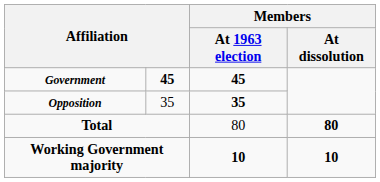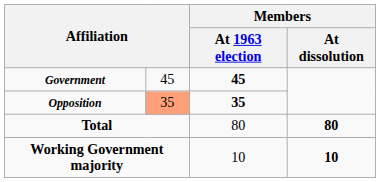 <table class="wikitable" border="1" style="font-size:95%; width:300pt; text-align:center">
 <tr>
 <th colspan="2" rowspan="2" style="text-align:center;vertical-align:middle; ">Affiliation</th>
 <th colspan="2" style="vertical-align:top;">Members</th>
 </tr>
 <tr>
 <th>At <a href='#'>1963 election</a></th>
 <th>At dissolution</th>
 </tr>
 <tr>
 <td> <small><strong><em>Government</em></strong></small></td>
-<td><strong>45</strong></td>
+<td>45</td>
 <td><strong>45</strong></td>
 </tr>
 <tr>
 <td> <small><strong><em>Opposition</em></strong></small></td>
-<td>35</td>
+<td style="background: lightsalmon;">35</td>
 <td><strong>35</strong></td>
 </tr>
 <tr>
 <td colspan="2" rowspan="1"><strong>Total</strong><br></td>
 <td>80</td>
 <td><strong>80</strong></td>
 </tr>
 <tr>
 <td colspan="2" rowspan="1"><strong>Working Government majority</strong></td>
-<td><strong>10</strong></td>
+<td>10</td>
 <td><strong>10</strong></td>
 </tr>
 </table>
